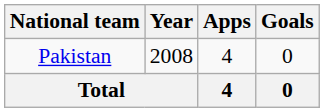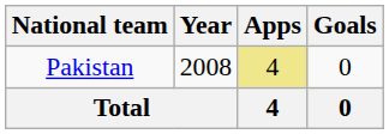 <table class="wikitable" style="text-align:center">
 <tr>
 <th>National team</th>
 <th>Year</th>
 <th>Apps</th>
 <th>Goals</th>
 </tr>
 <tr>
 <td><a href='#'>Pakistan</a></td>
 <td>2008</td>
-<td>4</td>
+<td style="background: khaki;">4</td>
 <td>0</td>
 </tr>
 <tr>
 <th colspan="2">Total</th>
 <th>4</th>
 <th>0</th>
 </tr>
 </table>
